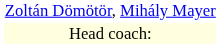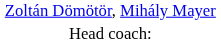 <table style="text-align: center; margin-top: 2em; margin-left: auto; margin-right: auto">
 <tr>
 <td><a href='#'>Zoltán Dömötör</a>, <a href='#'>Mihály Mayer</a></td>
 </tr>
 <tr>
-<td style="background: lightyellow;">Head coach:</td>
+<td>Head coach:</td>
 </tr>
 </table>
